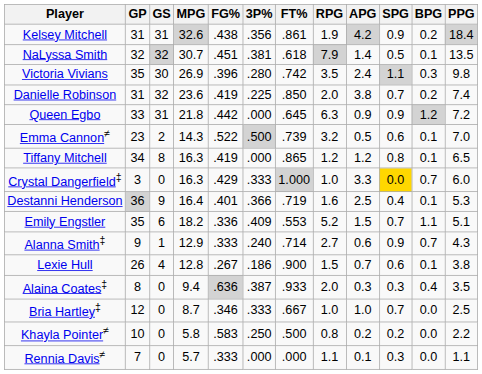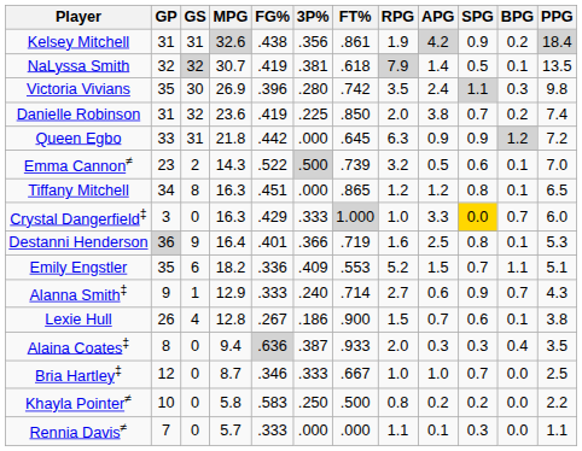 <table class="wikitable sortable" style="text-align:center">
 <tr>
 <th>Player</th>
 <th>GP</th>
 <th>GS</th>
 <th>MPG</th>
 <th>FG%</th>
 <th>3P%</th>
 <th>FT%</th>
 <th>RPG</th>
 <th>APG</th>
 <th>SPG</th>
 <th>BPG</th>
 <th>PPG</th>
 </tr>
 <tr>
 <td><a href='#'>Kelsey Mitchell</a></td>
 <td>31</td>
 <td>31</td>
 <td style="background:#D3D3D3;">32.6</td>
 <td>.438</td>
 <td>.356</td>
 <td>.861</td>
 <td>1.9</td>
 <td style="background:#D3D3D3;">4.2</td>
 <td>0.9</td>
 <td>0.2</td>
 <td style="background:#D3D3D3;">18.4</td>
 </tr>
 <tr>
 <td><a href='#'>NaLyssa Smith</a></td>
 <td>32</td>
 <td style="background:#D3D3D3;">32</td>
 <td>30.7</td>
-<td>.451</td>
+<td>.419</td>
 <td>.381</td>
 <td>.618</td>
 <td style="background:#D3D3D3;">7.9</td>
 <td>1.4</td>
 <td>0.5</td>
 <td>0.1</td>
 <td>13.5</td>
 </tr>
 <tr>
 <td><a href='#'>Victoria Vivians</a></td>
 <td>35</td>
 <td>30</td>
 <td>26.9</td>
 <td>.396</td>
 <td>.280</td>
 <td>.742</td>
 <td>3.5</td>
 <td>2.4</td>
 <td style="background:#D3D3D3;">1.1</td>
 <td>0.3</td>
 <td>9.8</td>
 </tr>
 <tr>
 <td><a href='#'>Danielle Robinson</a></td>
 <td>31</td>
 <td>32</td>
 <td>23.6</td>
 <td>.419</td>
 <td>.225</td>
 <td>.850</td>
 <td>2.0</td>
 <td>3.8</td>
 <td>0.7</td>
 <td>0.2</td>
 <td>7.4</td>
 </tr>
 <tr>
 <td><a href='#'>Queen Egbo</a></td>
 <td>33</td>
 <td>31</td>
 <td>21.8</td>
 <td>.442</td>
 <td>.000</td>
 <td>.645</td>
 <td>6.3</td>
 <td>0.9</td>
 <td>0.9</td>
 <td style="background:#D3D3D3;">1.2</td>
 <td>7.2</td>
 </tr>
 <tr>
 <td><a href='#'>Emma Cannon</a><sup>≠</sup></td>
 <td>23</td>
 <td>2</td>
 <td>14.3</td>
 <td>.522</td>
 <td style="background:#D3D3D3;">.500</td>
 <td>.739</td>
 <td>3.2</td>
 <td>0.5</td>
 <td>0.6</td>
 <td>0.1</td>
 <td>7.0</td>
 </tr>
 <tr>
 <td><a href='#'>Tiffany Mitchell</a></td>
 <td>34</td>
 <td>8</td>
 <td>16.3</td>
-<td>.419</td>
+<td>.451</td>
 <td>.000</td>
 <td>.865</td>
 <td>1.2</td>
 <td>1.2</td>
 <td>0.8</td>
 <td>0.1</td>
 <td>6.5</td>
 </tr>
 <tr>
 <td><a href='#'>Crystal Dangerfield</a><sup>‡</sup></td>
 <td>3</td>
 <td>0</td>
 <td>16.3</td>
 <td>.429</td>
 <td>.333</td>
 <td style="background:#D3D3D3;">1.000</td>
 <td>1.0</td>
 <td>3.3</td>
 <td style="background: gold;">0.0</td>
 <td>0.7</td>
 <td>6.0</td>
 </tr>
 <tr>
 <td><a href='#'>Destanni Henderson</a></td>
 <td style="background:#D3D3D3;">36</td>
 <td>9</td>
 <td>16.4</td>
 <td>.401</td>
 <td>.366</td>
 <td>.719</td>
 <td>1.6</td>
 <td>2.5</td>
-<td>0.4</td>
+<td>0.8</td>
 <td>0.1</td>
 <td>5.3</td>
 </tr>
 <tr>
 <td><a href='#'>Emily Engstler</a></td>
 <td>35</td>
 <td>6</td>
 <td>18.2</td>
 <td>.336</td>
 <td>.409</td>
 <td>.553</td>
 <td>5.2</td>
 <td>1.5</td>
 <td>0.7</td>
 <td>1.1</td>
 <td>5.1</td>
 </tr>
 <tr>
 <td><a href='#'>Alanna Smith</a><sup>‡</sup></td>
 <td>9</td>
 <td>1</td>
 <td>12.9</td>
 <td>.333</td>
 <td>.240</td>
 <td>.714</td>
 <td>2.7</td>
 <td>0.6</td>
 <td>0.9</td>
 <td>0.7</td>
 <td>4.3</td>
 </tr>
 <tr>
 <td><a href='#'>Lexie Hull</a></td>
 <td>26</td>
 <td>4</td>
 <td>12.8</td>
 <td>.267</td>
 <td>.186</td>
 <td>.900</td>
 <td>1.5</td>
 <td>0.7</td>
 <td>0.6</td>
 <td>0.1</td>
 <td>3.8</td>
 </tr>
 <tr>
 <td><a href='#'>Alaina Coates</a><sup>‡</sup></td>
 <td>8</td>
 <td>0</td>
 <td>9.4</td>
 <td style="background:#D3D3D3;">.636</td>
 <td>.387</td>
 <td>.933</td>
 <td>2.0</td>
 <td>0.3</td>
 <td>0.3</td>
 <td>0.4</td>
 <td>3.5</td>
 </tr>
 <tr>
 <td><a href='#'>Bria Hartley</a><sup>‡</sup></td>
 <td>12</td>
 <td>0</td>
 <td>8.7</td>
 <td>.346</td>
 <td>.333</td>
 <td>.667</td>
 <td>1.0</td>
 <td>1.0</td>
 <td>0.7</td>
 <td>0.0</td>
 <td>2.5</td>
 </tr>
 <tr>
 <td><a href='#'>Khayla Pointer</a><sup>≠</sup></td>
 <td>10</td>
 <td>0</td>
 <td>5.8</td>
 <td>.583</td>
 <td>.250</td>
 <td>.500</td>
 <td>0.8</td>
 <td>0.2</td>
 <td>0.2</td>
 <td>0.0</td>
 <td>2.2</td>
 </tr>
 <tr>
 <td><a href='#'>Rennia Davis</a><sup>≠</sup></td>
 <td>7</td>
 <td>0</td>
 <td>5.7</td>
 <td>.333</td>
 <td>.000</td>
 <td>.000</td>
 <td>1.1</td>
 <td>0.1</td>
 <td>0.3</td>
 <td>0.0</td>
 <td>1.1</td>
 </tr>
 </table>
